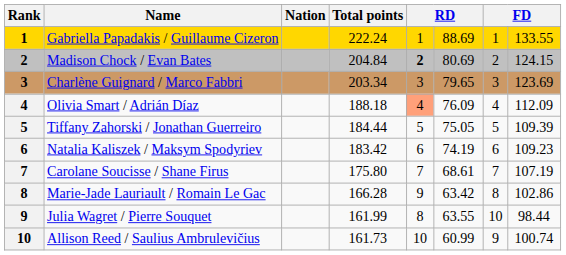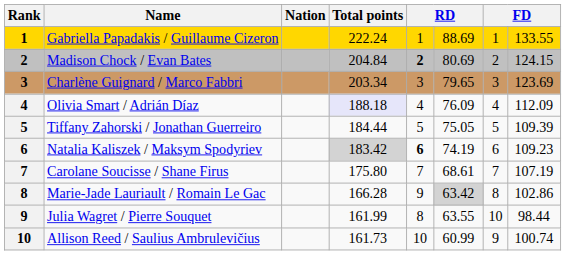 <table class="wikitable sortable">
 <tr>
 <th>Rank</th>
 <th>Name</th>
 <th>Nation</th>
 <th>Total points</th>
 <th colspan="2" width="80px"><a href='#'>RD</a></th>
 <th colspan="2" width="80px"><a href='#'>FD</a></th>
 </tr>
 <tr bgcolor="gold">
 <td align="center"><strong>1</strong></td>
 <td><a href='#'>Gabriella Papadakis</a> / <a href='#'>Guillaume Cizeron</a></td>
 <td></td>
 <td align="center">222.24</td>
 <td align="center">1</td>
 <td align="center">88.69</td>
 <td align="center">1</td>
 <td align="center">133.55</td>
 </tr>
 <tr bgcolor="silver">
 <td align="center"><strong>2</strong></td>
 <td><a href='#'>Madison Chock</a> / <a href='#'>Evan Bates</a></td>
 <td></td>
 <td align="center">204.84</td>
 <td align="center"><strong>2</strong></td>
 <td align="center">80.69</td>
 <td align="center">2</td>
 <td align="center">124.15</td>
 </tr>
 <tr bgcolor="#cc9966">
 <td align="center"><strong>3</strong></td>
 <td><a href='#'>Charlène Guignard</a> / <a href='#'>Marco Fabbri</a></td>
 <td></td>
 <td align="center">203.34</td>
 <td align="center">3</td>
 <td align="center">79.65</td>
 <td align="center">3</td>
 <td align="center">123.69</td>
 </tr>
 <tr>
 <th>4</th>
 <td><a href='#'>Olivia Smart</a> / <a href='#'>Adrián Díaz</a></td>
 <td></td>
-<td align="center">188.18</td>
-<td align="center" style="background: lightsalmon;">4</td>
+<td align="center" style="background: lavender;">188.18</td>
+<td align="center">4</td>
 <td align="center">76.09</td>
 <td align="center">4</td>
 <td align="center">112.09</td>
 </tr>
 <tr>
 <th>5</th>
 <td><a href='#'>Tiffany Zahorski</a> / <a href='#'>Jonathan Guerreiro</a></td>
 <td></td>
 <td align="center">184.44</td>
 <td align="center">5</td>
 <td align="center">75.05</td>
 <td align="center">5</td>
 <td align="center">109.39</td>
 </tr>
 <tr>
 <th>6</th>
 <td><a href='#'>Natalia Kaliszek</a> / <a href='#'>Maksym Spodyriev</a></td>
 <td></td>
-<td align="center">183.42</td>
-<td align="center">6</td>
+<td align="center" style="background: lightgrey;">183.42</td>
+<td align="center"><strong>6</strong></td>
 <td align="center">74.19</td>
 <td align="center">6</td>
 <td align="center">109.23</td>
 </tr>
 <tr>
 <th>7</th>
 <td><a href='#'>Carolane Soucisse</a> / <a href='#'>Shane Firus</a></td>
 <td></td>
 <td align="center">175.80</td>
 <td align="center">7</td>
 <td align="center">68.61</td>
 <td align="center">7</td>
 <td align="center">107.19</td>
 </tr>
 <tr>
 <th>8</th>
 <td><a href='#'>Marie-Jade Lauriault</a> / <a href='#'>Romain Le Gac</a></td>
 <td></td>
 <td align="center">166.28</td>
 <td align="center">9</td>
-<td align="center">63.42</td>
+<td align="center" style="background: lightgrey;">63.42</td>
 <td align="center">8</td>
 <td align="center">102.86</td>
 </tr>
 <tr>
 <th>9</th>
 <td><a href='#'>Julia Wagret</a> / <a href='#'>Pierre Souquet</a></td>
 <td></td>
 <td align="center">161.99</td>
 <td align="center">8</td>
 <td align="center">63.55</td>
 <td align="center">10</td>
 <td align="center">98.44</td>
 </tr>
 <tr>
 <th>10</th>
 <td><a href='#'>Allison Reed</a> / <a href='#'>Saulius Ambrulevičius</a></td>
 <td></td>
 <td align="center">161.73</td>
 <td align="center">10</td>
 <td align="center">60.99</td>
 <td align="center">9</td>
 <td align="center">100.74</td>
 </tr>
 </table>
